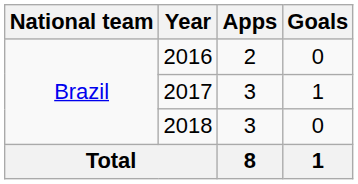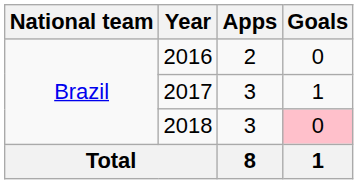 <table class="wikitable" style="text-align:center">
 <tr>
 <th>National team</th>
 <th>Year</th>
 <th width="40">Apps</th>
 <th width="40">Goals</th>
 </tr>
 <tr>
 <td rowspan="3"><a href='#'>Brazil</a></td>
 <td>2016</td>
 <td>2</td>
 <td>0</td>
 </tr>
 <tr>
 <td>2017</td>
 <td>3</td>
 <td>1</td>
 </tr>
 <tr>
 <td>2018</td>
 <td>3</td>
-<td>0</td>
+<td style="background: pink;">0</td>
 </tr>
 <tr>
 <th colspan="2">Total</th>
 <th>8</th>
 <th>1</th>
 </tr>
 </table>
